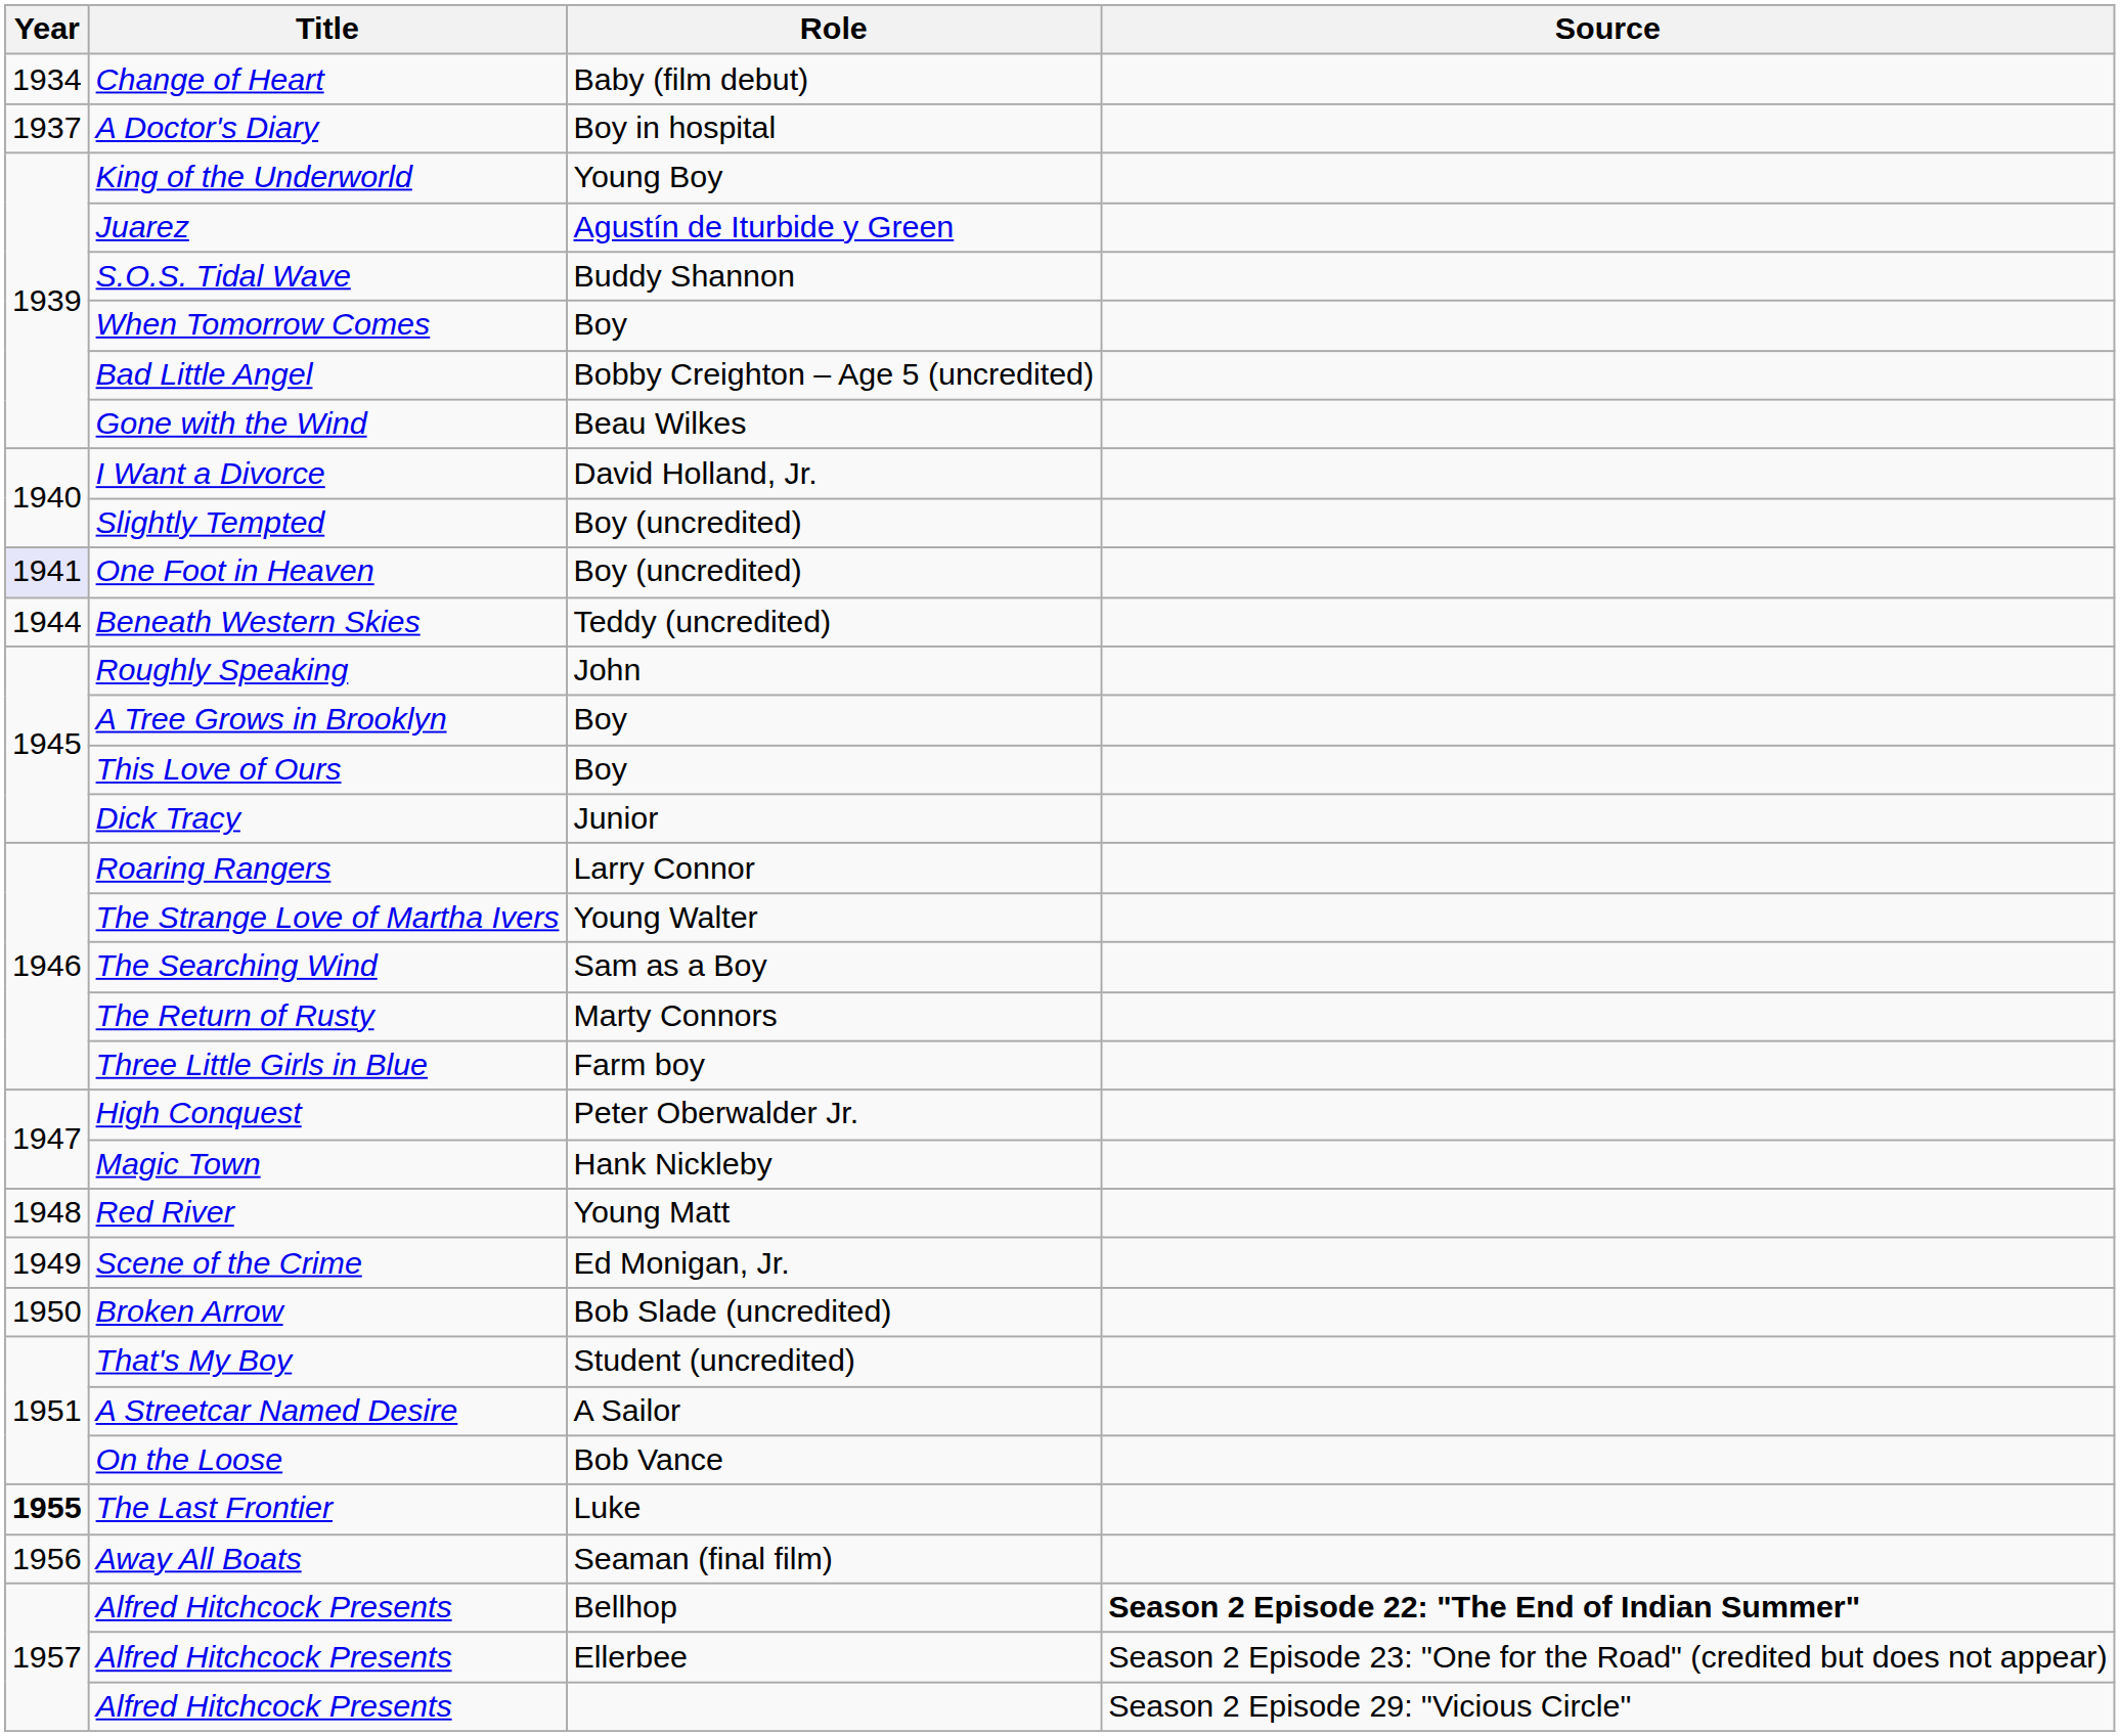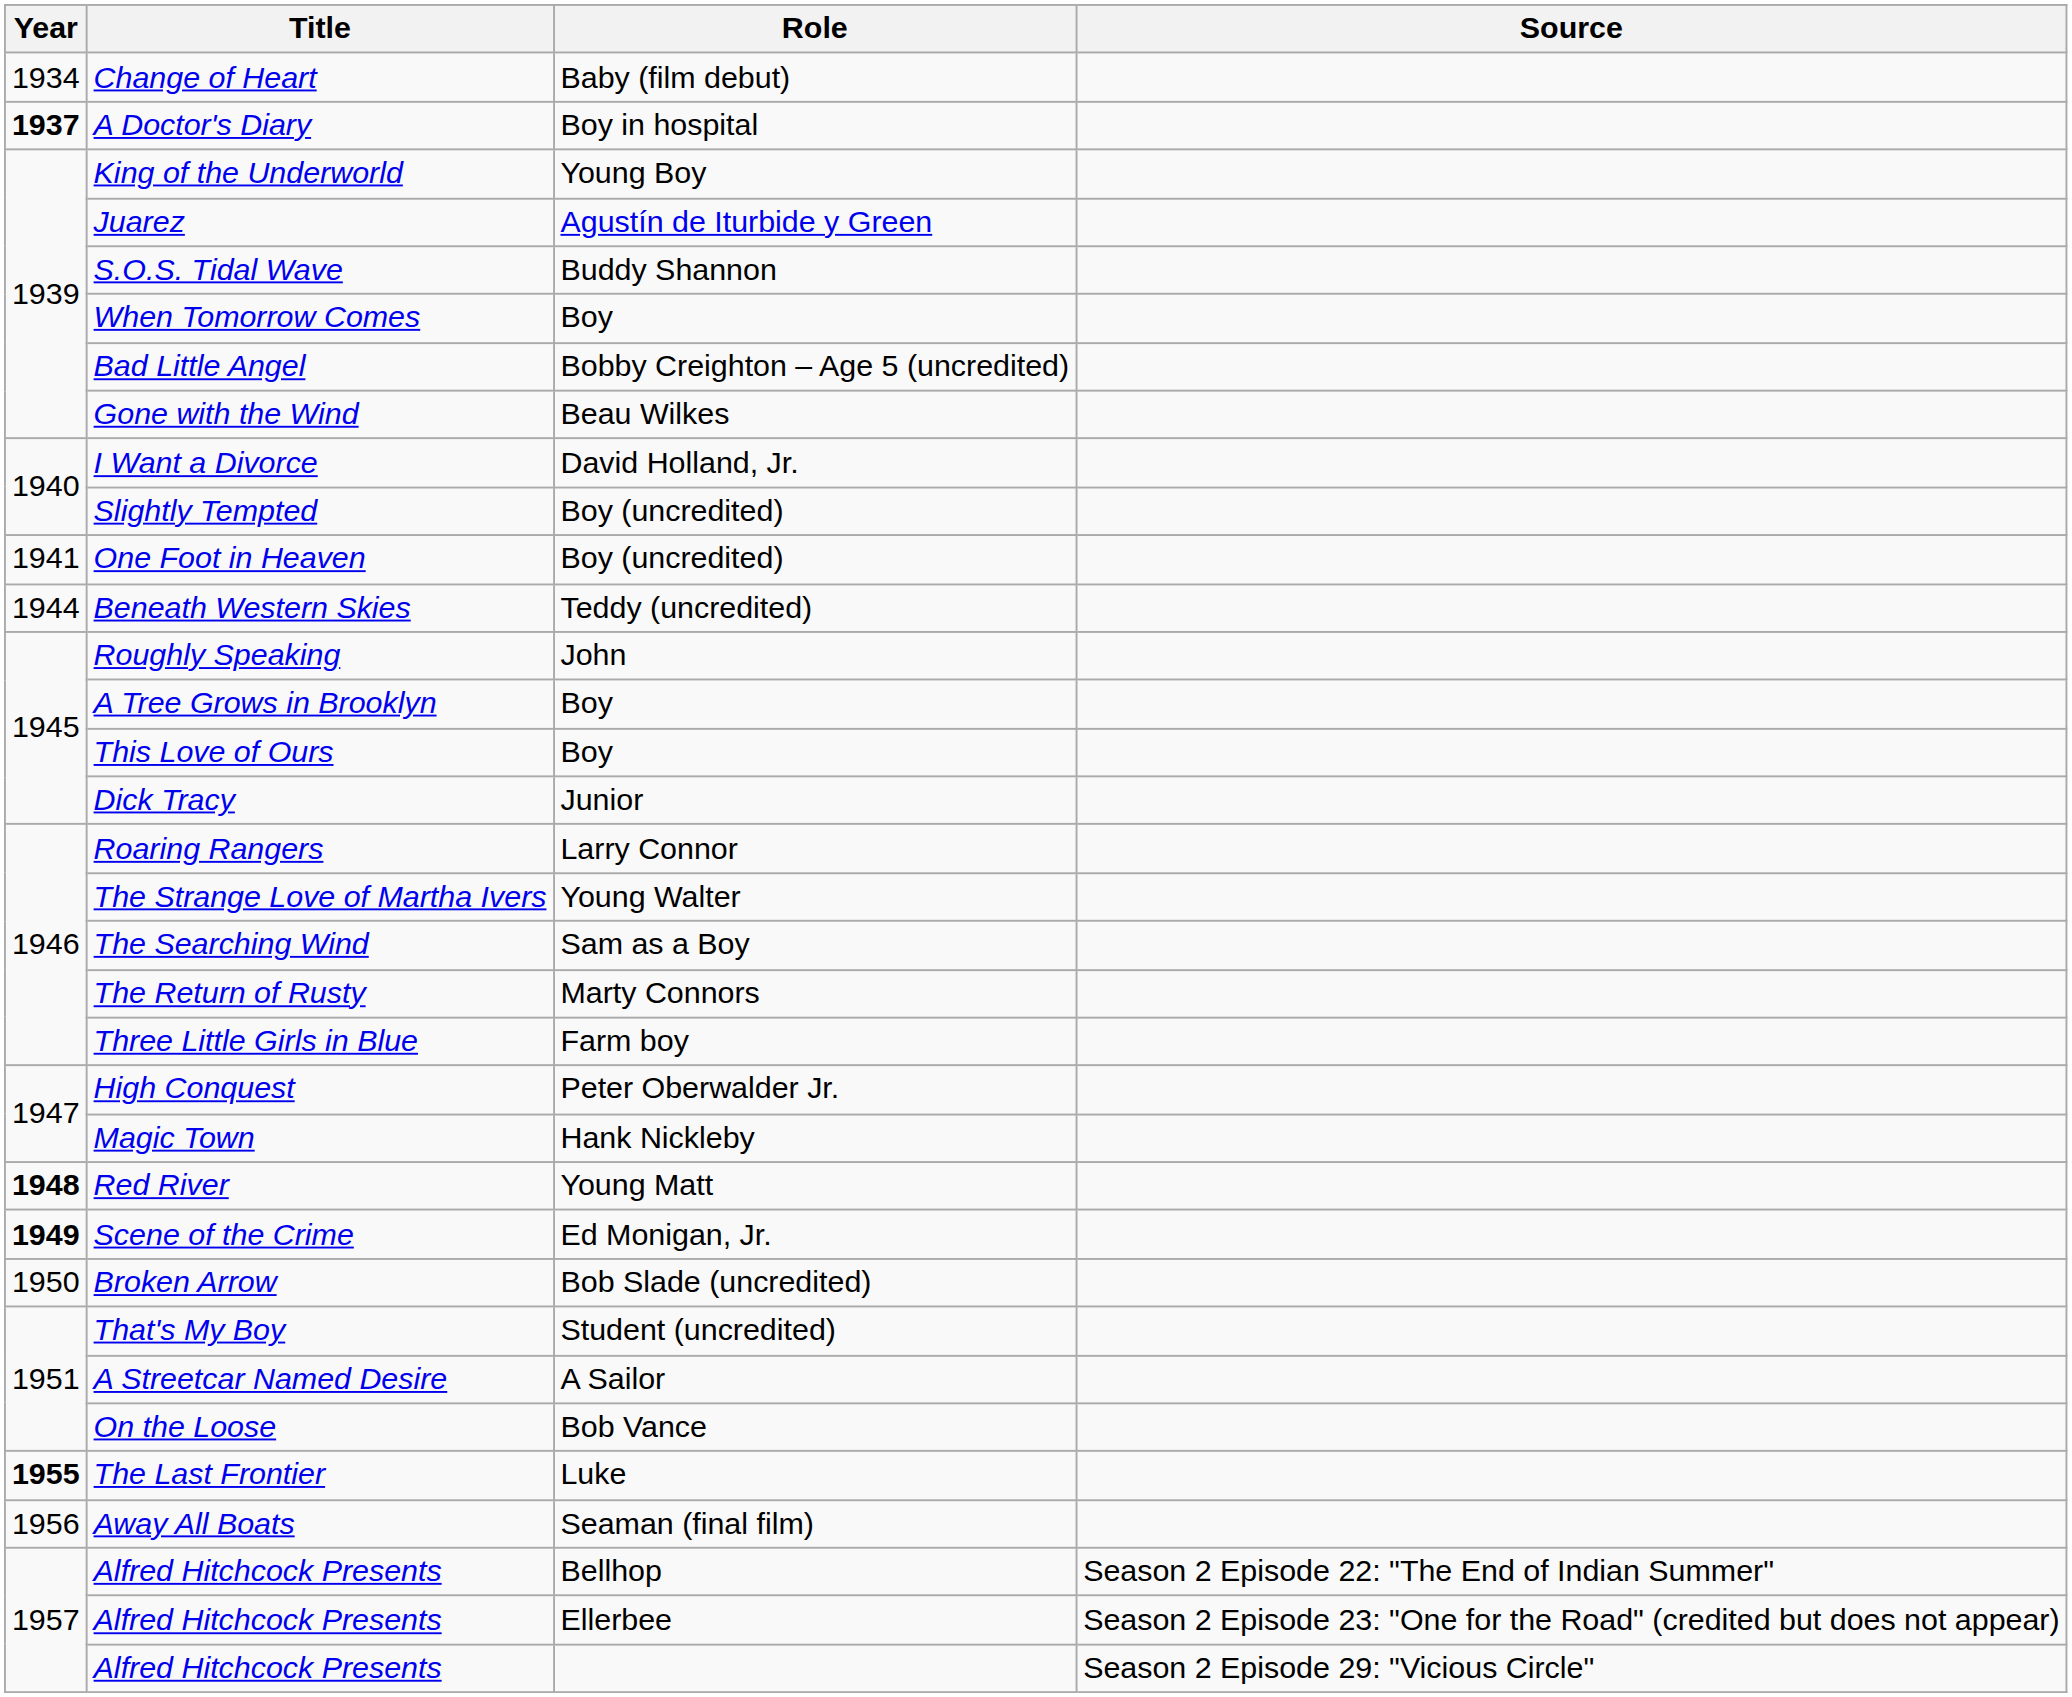 <table class="wikitable">
 <tr>
 <th>Year</th>
 <th>Title</th>
 <th>Role</th>
 <th>Source</th>
 </tr>
 <tr>
 <td rowspan=1>1934</td>
 <td><em><a href='#'>Change of Heart</a></em></td>
 <td>Baby (film debut)</td>
 <td></td>
 </tr>
 <tr>
-<td rowspan=1>1937</td>
+<td rowspan=1><strong>1937</strong></td>
 <td><em><a href='#'>A Doctor's Diary</a></em></td>
 <td>Boy in hospital</td>
 <td></td>
 </tr>
 <tr>
 <td rowspan=6>1939</td>
 <td><em><a href='#'>King of the Underworld</a></em></td>
 <td>Young Boy</td>
 <td></td>
 </tr>
 <tr>
 <td><em><a href='#'>Juarez</a></em></td>
 <td><a href='#'>Agustín de Iturbide y Green</a></td>
 <td></td>
 </tr>
 <tr>
 <td><em><a href='#'>S.O.S. Tidal Wave</a></em></td>
 <td>Buddy Shannon</td>
 <td></td>
 </tr>
 <tr>
 <td><em><a href='#'>When Tomorrow Comes</a></em></td>
 <td>Boy</td>
 <td></td>
 </tr>
 <tr>
 <td><em><a href='#'>Bad Little Angel</a></em></td>
 <td>Bobby Creighton – Age 5 (uncredited)</td>
 <td></td>
 </tr>
 <tr>
 <td><em><a href='#'>Gone with the Wind</a></em></td>
 <td>Beau Wilkes</td>
 <td></td>
 </tr>
 <tr>
 <td rowspan=2>1940</td>
 <td><em><a href='#'>I Want a Divorce</a></em></td>
 <td>David Holland, Jr.</td>
 <td></td>
 </tr>
 <tr>
 <td><em><a href='#'>Slightly Tempted</a></em></td>
 <td>Boy (uncredited)</td>
 <td></td>
 </tr>
 <tr>
-<td rowspan=1 style="background: lavender;">1941</td>
+<td rowspan=1>1941</td>
 <td><em><a href='#'>One Foot in Heaven</a></em></td>
 <td>Boy (uncredited)</td>
 <td></td>
 </tr>
 <tr>
 <td rowspan=1>1944</td>
 <td><em><a href='#'>Beneath Western Skies</a></em></td>
 <td>Teddy (uncredited)</td>
 <td></td>
 </tr>
 <tr>
 <td rowspan=4>1945</td>
 <td><em><a href='#'>Roughly Speaking</a></em></td>
 <td>John</td>
 <td></td>
 </tr>
 <tr>
 <td><em><a href='#'>A Tree Grows in Brooklyn</a></em></td>
 <td>Boy</td>
 <td></td>
 </tr>
 <tr>
 <td><em><a href='#'>This Love of Ours</a></em></td>
 <td>Boy</td>
 <td></td>
 </tr>
 <tr>
 <td><em><a href='#'>Dick Tracy</a></em></td>
 <td>Junior</td>
 <td></td>
 </tr>
 <tr>
 <td rowspan=5>1946</td>
 <td><em><a href='#'>Roaring Rangers</a></em></td>
 <td>Larry Connor</td>
 <td></td>
 </tr>
 <tr>
 <td><em><a href='#'>The Strange Love of Martha Ivers</a></em></td>
 <td>Young Walter</td>
 <td></td>
 </tr>
 <tr>
 <td><em><a href='#'>The Searching Wind</a></em></td>
 <td>Sam as a Boy</td>
 <td></td>
 </tr>
 <tr>
 <td><em><a href='#'>The Return of Rusty</a></em></td>
 <td>Marty Connors</td>
 <td></td>
 </tr>
 <tr>
 <td><em><a href='#'>Three Little Girls in Blue</a></em></td>
 <td>Farm boy</td>
 <td></td>
 </tr>
 <tr>
 <td rowspan=2>1947</td>
 <td><em><a href='#'>High Conquest</a></em></td>
 <td>Peter Oberwalder Jr.</td>
 <td></td>
 </tr>
 <tr>
 <td><em><a href='#'>Magic Town</a></em></td>
 <td>Hank Nickleby</td>
 <td></td>
 </tr>
 <tr>
-<td rowspan=1>1948</td>
+<td rowspan=1><strong>1948</strong></td>
 <td><em><a href='#'>Red River</a></em></td>
 <td>Young Matt</td>
 <td></td>
 </tr>
 <tr>
-<td rowspan=1>1949</td>
+<td rowspan=1><strong>1949</strong></td>
 <td><em><a href='#'>Scene of the Crime</a></em></td>
 <td>Ed Monigan, Jr.</td>
 <td></td>
 </tr>
 <tr>
 <td rowspan=1>1950</td>
 <td><em><a href='#'>Broken Arrow</a></em></td>
 <td>Bob Slade (uncredited)</td>
 <td></td>
 </tr>
 <tr>
 <td rowspan=3>1951</td>
 <td><em><a href='#'>That's My Boy</a></em></td>
 <td>Student (uncredited)</td>
 <td></td>
 </tr>
 <tr>
 <td><em><a href='#'>A Streetcar Named Desire</a></em></td>
 <td>A Sailor</td>
 <td></td>
 </tr>
 <tr>
 <td><em><a href='#'>On the Loose</a></em></td>
 <td>Bob Vance</td>
 <td></td>
 </tr>
 <tr>
 <td rowspan=1><strong>1955</strong></td>
 <td><em><a href='#'>The Last Frontier</a></em></td>
 <td>Luke</td>
 <td></td>
 </tr>
 <tr>
 <td rowspan=1>1956</td>
 <td><em><a href='#'>Away All Boats</a></em></td>
 <td>Seaman (final film)</td>
 <td></td>
 </tr>
 <tr>
 <td rowspan=3>1957</td>
 <td><em><a href='#'>Alfred Hitchcock Presents</a></em></td>
 <td>Bellhop</td>
-<td><strong>Season 2 Episode 22: "The End of Indian Summer"</strong></td>
+<td>Season 2 Episode 22: "The End of Indian Summer"</td>
 </tr>
 <tr>
 <td><em><a href='#'>Alfred Hitchcock Presents</a></em></td>
 <td>Ellerbee</td>
 <td>Season 2 Episode 23: "One for the Road" (credited but does not appear)</td>
 </tr>
 <tr>
 <td><em><a href='#'>Alfred Hitchcock Presents</a></em></td>
 <td></td>
 <td>Season 2 Episode 29: "Vicious Circle"</td>
 </tr>
 </table>
